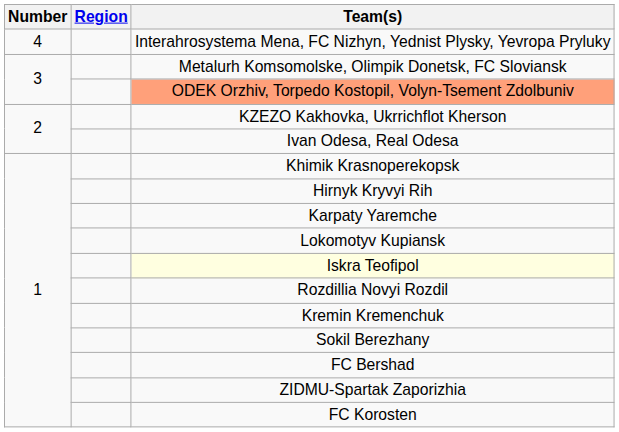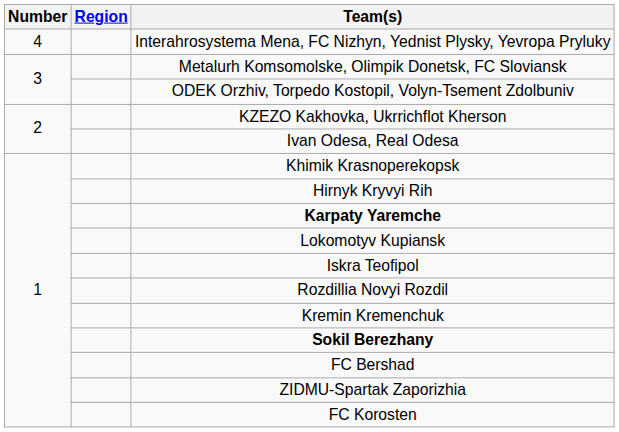 <table class="wikitable" style="text-align:center">
 <tr>
 <th>Number</th>
 <th><a href='#'>Region</a></th>
 <th>Team(s)</th>
 </tr>
 <tr>
 <td rowspan="1">4</td>
 <td align="left"></td>
 <td>Interahrosystema Mena, FC Nizhyn, Yednist Plysky, Yevropa Pryluky</td>
 </tr>
 <tr>
 <td rowspan="2">3</td>
 <td align="left"></td>
 <td>Metalurh Komsomolske, Olimpik Donetsk, FC Sloviansk</td>
 </tr>
 <tr>
 <td align="left"></td>
-<td style="background: lightsalmon;">ODEK Orzhiv, Torpedo Kostopil, Volyn-Tsement Zdolbuniv</td>
+<td>ODEK Orzhiv, Torpedo Kostopil, Volyn-Tsement Zdolbuniv</td>
 </tr>
 <tr>
 <td rowspan="2">2</td>
 <td align="left"></td>
 <td>KZEZO Kakhovka, Ukrrichflot Kherson</td>
 </tr>
 <tr>
 <td align="left"></td>
 <td>Ivan Odesa, Real Odesa</td>
 </tr>
 <tr>
 <td rowspan="16">1</td>
 <td align="left"></td>
 <td>Khimik Krasnoperekopsk</td>
 </tr>
 <tr>
 <td align="left"></td>
 <td>Hirnyk Kryvyi Rih</td>
 </tr>
 <tr>
 <td align="left"></td>
-<td>Karpaty Yaremche</td>
+<td><strong>Karpaty Yaremche</strong></td>
 </tr>
 <tr>
 <td align="left"></td>
 <td>Lokomotyv Kupiansk</td>
 </tr>
 <tr>
 <td align="left"></td>
-<td style="background: lightyellow;">Iskra Teofipol</td>
+<td>Iskra Teofipol</td>
 </tr>
 <tr>
 <td align="left"></td>
 <td>Rozdillia Novyi Rozdil</td>
 </tr>
 <tr>
 <td align="left"></td>
 <td>Kremin Kremenchuk</td>
 </tr>
 <tr>
 <td align="left"></td>
-<td>Sokil Berezhany</td>
+<td><strong>Sokil Berezhany</strong></td>
 </tr>
 <tr>
 <td align="left"></td>
 <td>FC Bershad</td>
 </tr>
 <tr>
 <td align="left"></td>
 <td>ZIDMU-Spartak Zaporizhia</td>
 </tr>
 <tr>
 <td align="left"></td>
 <td>FC Korosten</td>
 </tr>
 </table>
